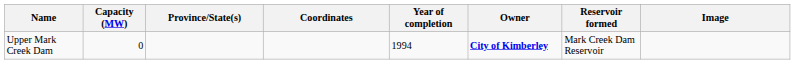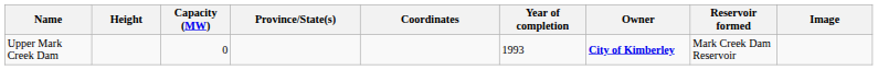 <table class="wikitable sortable" border="1">
 <tr>
 <th width="10%">Name</th>
+<th width="8%">Height</th>
 <th width="8%">Capacity (<a href='#'>MW</a>)</th>
 <th width="15%">Province/State(s)</th>
 <th width="16%">Coordinates</th>
 <th width="10%">Year of completion</th>
 <th width="12%">Owner</th>
 <th width="10%">Reservoir formed</th>
 <th>Image</th>
 </tr>
 <tr>
 <td>Upper Mark Creek Dam</td>
+<td></td>
 <td align="right">0</td>
 <td></td>
 <td></td>
-<td>1994</td>
+<td>1993</td>
 <td><strong><a href='#'>City of Kimberley</a></strong></td>
 <td>Mark Creek Dam Reservoir</td>
 <td></td>
 </tr>
 </table>
